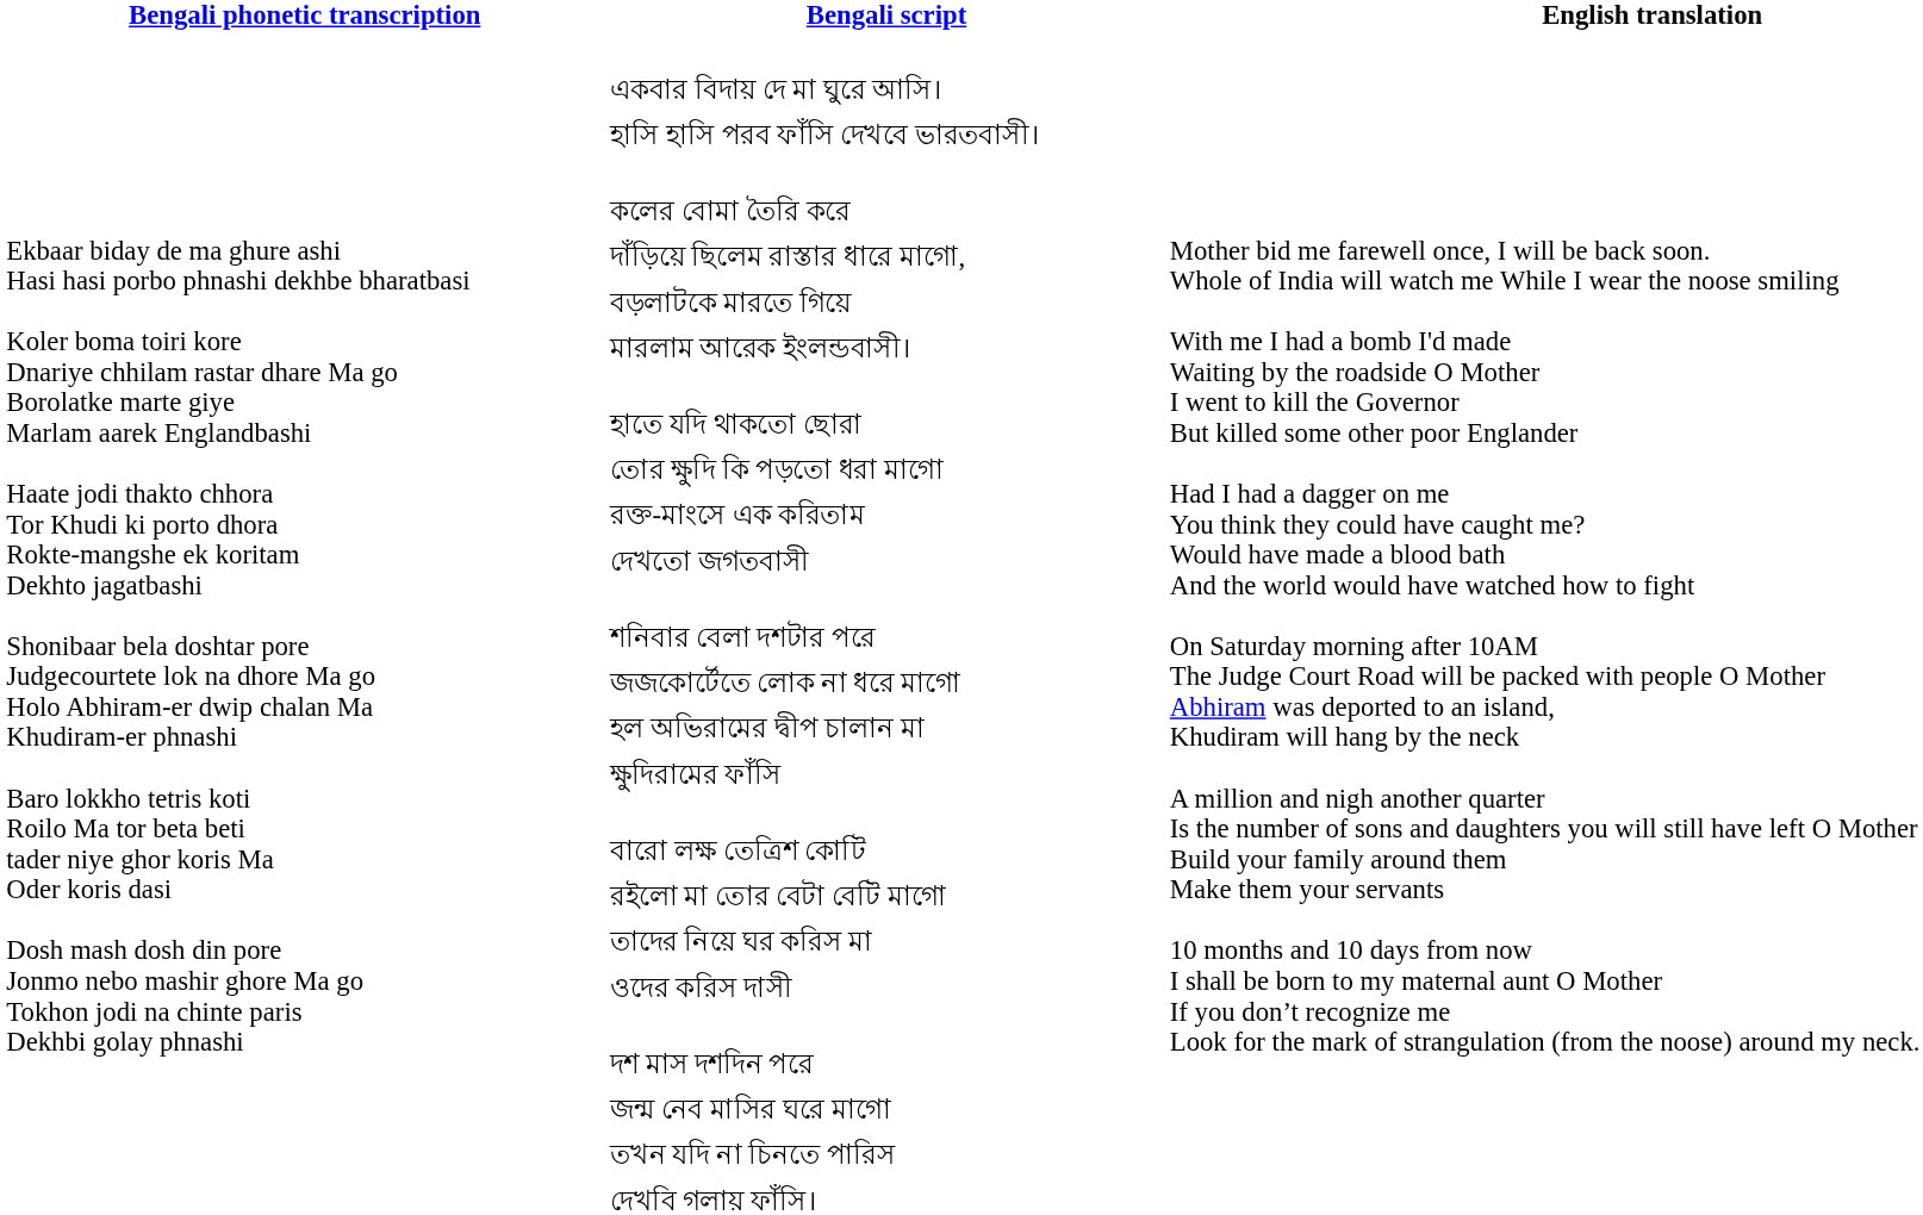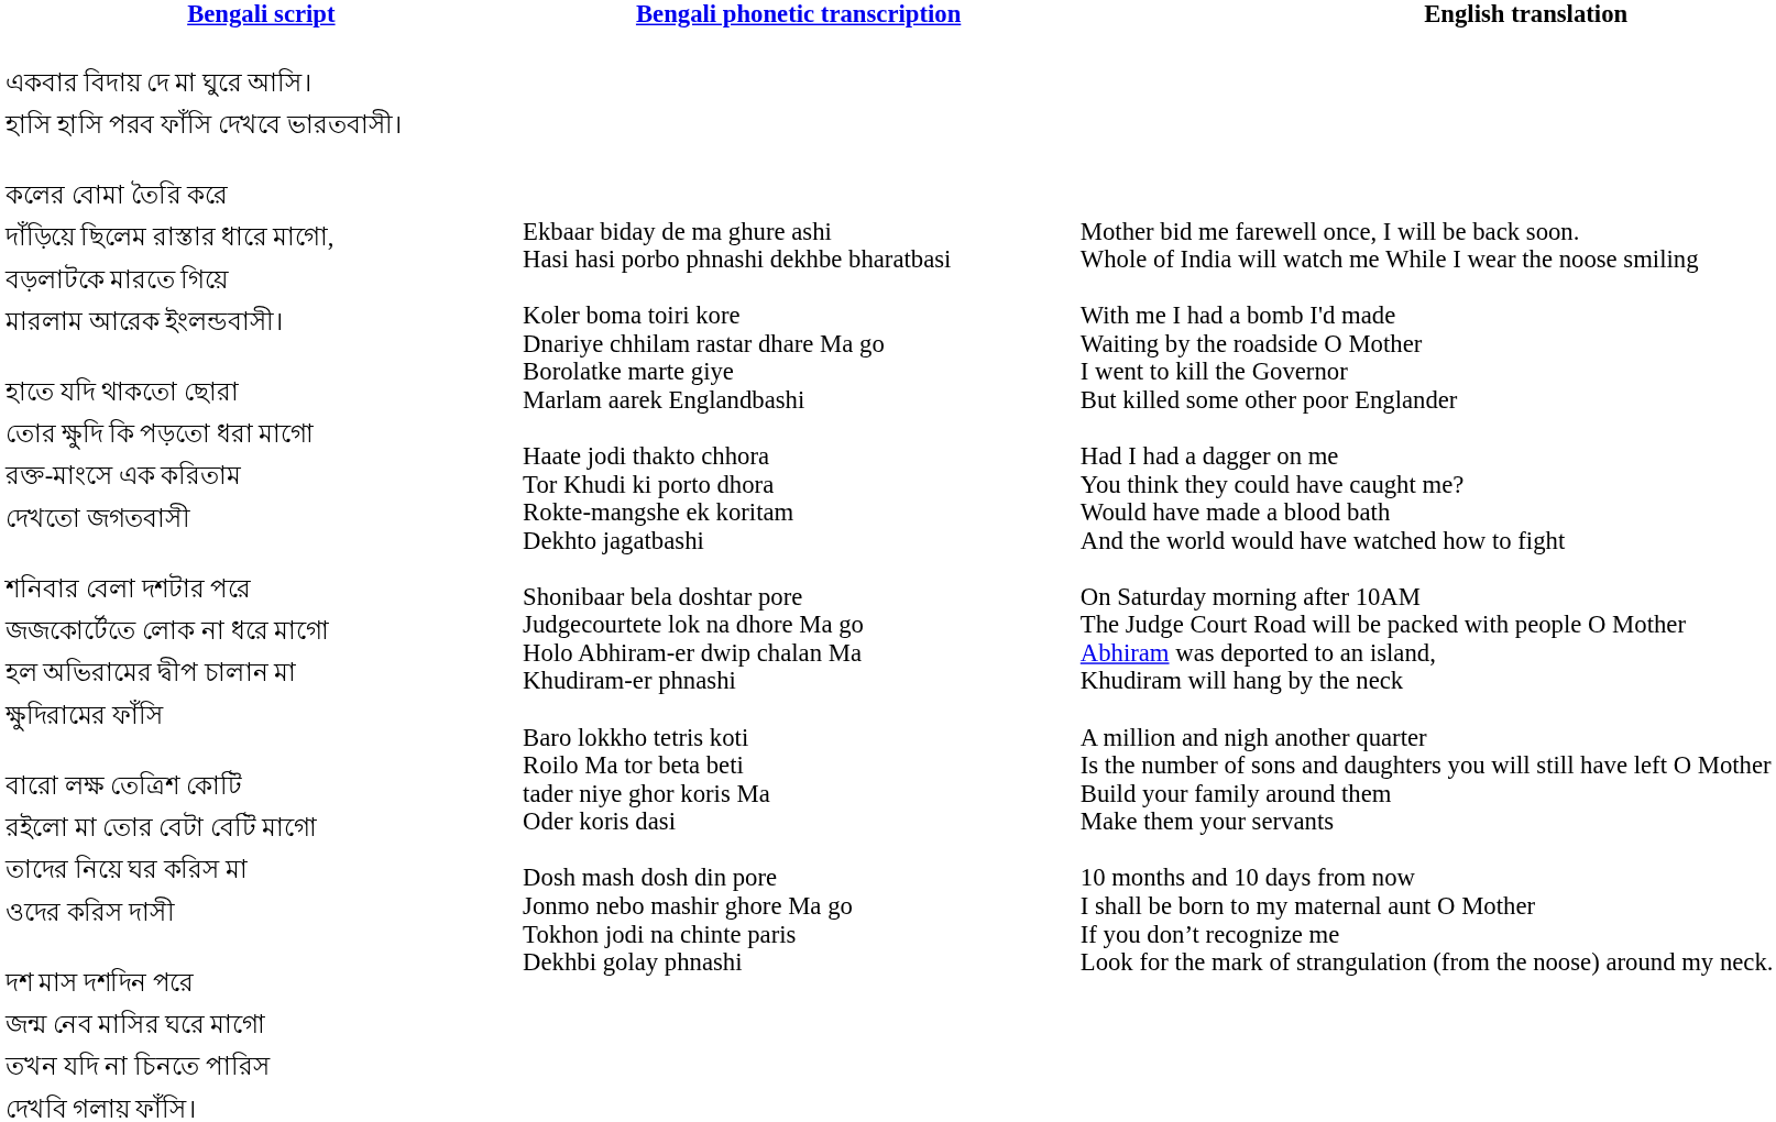 <table width=100%>
 <tr>
+<th><a href='#'>Bengali script</a></th>
 <th><a href='#'>Bengali phonetic transcription</a></th>
-<th><a href='#'>Bengali script</a></th>
 <th>English translation</th>
 </tr>
 <tr>
+<td><br>একবার বিদায় দে মা ঘুরে আসি।<br> হাসি হাসি পরব ফাঁসি দেখবে ভারতবাসী।<br><br>কলের বোমা তৈরি করে<br> দাঁড়িয়ে ছিলেম রাস্তার ধারে মাগো,<br> বড়লাটকে মারতে গিয়ে<br> মারলাম আরেক ইংলন্ডবাসী।<br><br>হাতে যদি থাকতো ছোরা<br> তোর ক্ষুদি কি পড়তো ধরা মাগো<br> রক্ত-মাংসে এক করিতাম<br> দেখতো জগতবাসী <br><br>শনিবার বেলা দশটার পরে<br> জজকোর্টেতে লোক না ধরে মাগো<br> হল অভিরামের দ্বীপ চালান মা<br> ক্ষুদিরামের ফাঁসি<br><br>বারো লক্ষ তেত্রিশ কোটি<br> রইলো মা তোর বেটা বেটি মাগো<br> তাদের নিয়ে ঘর করিস মা<br> ওদের করিস দাসী<br><br>দশ মাস দশদিন পরে<br> জন্ম নেব মাসির ঘরে মাগো<br> তখন যদি না চিনতে পারিস<br> দেখবি গলায় ফাঁসি।</td>
 <td><br>Ekbaar biday de ma ghure ashi<br> Hasi hasi porbo phnashi dekhbe bharatbasi<br><br>Koler boma toiri kore<br> Dnariye chhilam rastar dhare Ma go<br> Borolatke marte giye<br> Marlam aarek Englandbashi<br><br>Haate jodi thakto chhora<br> Tor Khudi ki porto dhora<br> Rokte-mangshe ek koritam<br> Dekhto jagatbashi<br><br>Shonibaar bela doshtar pore<br> Judgecourtete lok na dhore Ma go<br> Holo Abhiram-er dwip chalan Ma<br> Khudiram-er phnashi<br><br>Baro lokkho tetris koti<br> Roilo Ma tor beta beti<br> tader niye ghor koris Ma<br> Oder koris dasi<br><br>Dosh mash dosh din pore<br> Jonmo nebo mashir ghore Ma go<br> Tokhon jodi na chinte paris<br> Dekhbi golay phnashi</td>
-<td><br>একবার বিদায় দে মা ঘুরে আসি।<br> হাসি হাসি পরব ফাঁসি দেখবে ভারতবাসী।<br><br>কলের বোমা তৈরি করে<br> দাঁড়িয়ে ছিলেম রাস্তার ধারে মাগো,<br> বড়লাটকে মারতে গিয়ে<br> মারলাম আরেক ইংলন্ডবাসী।<br><br>হাতে যদি থাকতো ছোরা<br> তোর ক্ষুদি কি পড়তো ধরা মাগো<br> রক্ত-মাংসে এক করিতাম<br> দেখতো জগতবাসী <br><br>শনিবার বেলা দশটার পরে<br> জজকোর্টেতে লোক না ধরে মাগো<br> হল অভিরামের দ্বীপ চালান মা<br> ক্ষুদিরামের ফাঁসি<br><br>বারো লক্ষ তেত্রিশ কোটি<br> রইলো মা তোর বেটা বেটি মাগো<br> তাদের নিয়ে ঘর করিস মা<br> ওদের করিস দাসী<br><br>দশ মাস দশদিন পরে<br> জন্ম নেব মাসির ঘরে মাগো<br> তখন যদি না চিনতে পারিস<br> দেখবি গলায় ফাঁসি।</td>
 <td><br>Mother bid me farewell once, I will be back soon.<br> Whole of India will watch me While I wear the noose smiling<br><br>With me I had a bomb I'd made<br> Waiting by the roadside O Mother<br> I went to kill the Governor<br> But killed some other poor Englander<br><br>Had I had a dagger on me<br> You think they could have caught me?<br> Would have made a blood bath <br> And the world would have watched how to fight<br><br>On Saturday morning after 10AM <br> The Judge Court Road will be packed with people O Mother<br> <a href='#'>Abhiram</a> was deported to an island,<br> Khudiram will hang by the neck<br><br>A million and nigh another quarter<br> Is the number of sons and daughters you will still have left O Mother<br> Build your family around them<br> Make them your servants<br><br>10 months and 10 days from now <br> I shall be born to my maternal aunt O Mother <br> If you don’t recognize me <br> Look for the mark of strangulation (from the noose) around my neck.</td>
 </tr>
 </table>
